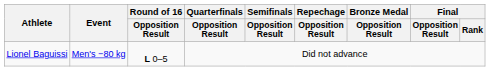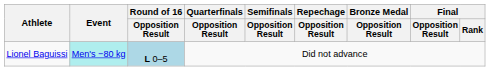 <table class="wikitable" style="font-size:90%">
 <tr>
 <th rowspan="2">Athlete</th>
 <th rowspan="2">Event</th>
 <th>Round of 16</th>
 <th>Quarterfinals</th>
 <th>Semifinals</th>
 <th>Repechage</th>
 <th>Bronze Medal</th>
 <th colspan=2>Final</th>
 </tr>
 <tr style="font-size:95%">
 <th>Opposition<br>Result</th>
 <th>Opposition<br>Result</th>
 <th>Opposition<br>Result</th>
 <th>Opposition<br>Result</th>
 <th>Opposition<br>Result</th>
 <th>Opposition<br>Result</th>
 <th>Rank</th>
 </tr>
 <tr align=center>
 <td align=left><a href='#'>Lionel Baguissi</a></td>
-<td align=left><a href='#'>Men's −80 kg</a></td>
-<td><br><strong>L</strong> 0–5</td>
+<td align=left style="background: paleturquoise;"><a href='#'>Men's −80 kg</a></td>
+<td style="background: lightblue;"><br><strong>L</strong> 0–5</td>
 <td colspan=6>Did not advance</td>
 </tr>
 </table>
